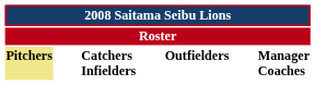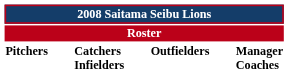 <table class="toccolours" style="font-size: 95%;">
 <tr>
 <th colspan="10" style="background:#143D69; color:#FFFFFF; text-align:center; border:2px solid #BB0119">2008 Saitama Seibu Lions</th>
 </tr>
 <tr>
 <td colspan="10" style="background:#BB0119; color:#FFFFFF; text-align:center;"><strong>Roster</strong></td>
 </tr>
 <tr>
-<td valign="top" style="background: khaki;"><strong>Pitchers</strong><br>                    </td>
+<td valign="top"><strong>Pitchers</strong><br>                    </td>
 <td style="width:25px;"></td>
 <td valign="top"><strong>Catchers</strong><br>    <strong>Infielders</strong>             </td>
 <td style="width:25px;"></td>
 <td valign="top"><strong>Outfielders</strong><br>         </td>
 <td style="width:25px;"></td>
 <td valign="top"><strong>Manager</strong><br> <strong>Coaches</strong>                  </td>
 </tr>
 </table>
